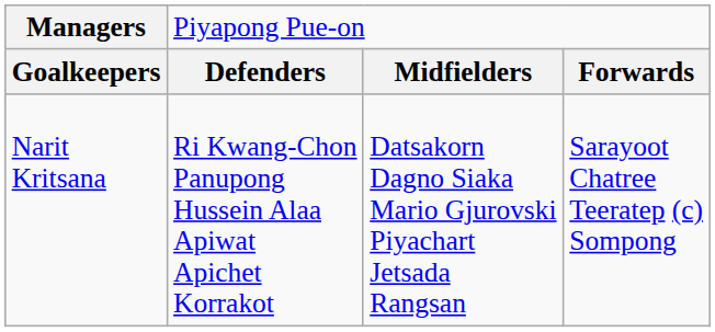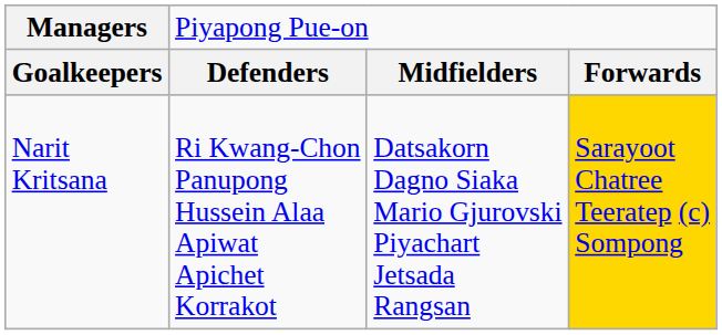 <table class="wikitable">
 <tr>
 <th>Managers</th>
 <td colspan=3> <a href='#'>Piyapong Pue-on</a></td>
 </tr>
 <tr>
 <th>Goalkeepers</th>
 <th>Defenders</th>
 <th>Midfielders</th>
 <th>Forwards</th>
 </tr>
 <tr>
 <td align=left valign=top><br> <a href='#'>Narit</a>  <br>  <a href='#'>Kritsana</a>  <br></td>
 <td align=left valign=top><br> <a href='#'>Ri Kwang-Chon</a>  <br>  <a href='#'>Panupong</a>  <br>  <a href='#'>Hussein Alaa</a>  <br>  <a href='#'>Apiwat</a>  <br>  <a href='#'>Apichet</a>  <br>  <a href='#'>Korrakot</a>  <br></td>
 <td align=left valign=top><br> <a href='#'>Datsakorn</a>  <br>  <a href='#'>Dagno Siaka</a>  <br>  <a href='#'>Mario Gjurovski</a>  <br>  <a href='#'>Piyachart</a>  <br>  <a href='#'>Jetsada</a>  <br>  <a href='#'>Rangsan</a>  <br></td>
-<td align=left valign=top><br> <a href='#'>Sarayoot</a>  <br>  <a href='#'>Chatree</a>  <br>  <a href='#'>Teeratep</a> <a href='#'>(c)</a>  <br>  <a href='#'>Sompong</a>  <br></td>
+<td align=left valign=top style="background: gold;"><br> <a href='#'>Sarayoot</a>  <br>  <a href='#'>Chatree</a>  <br>  <a href='#'>Teeratep</a> <a href='#'>(c)</a>  <br>  <a href='#'>Sompong</a>  <br></td>
 </tr>
 </table>
